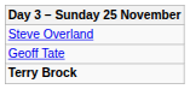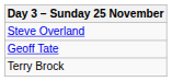 <table class="wikitable">
 <tr>
 <th>Day 3 – Sunday 25 November</th>
 </tr>
 <tr>
 <td><a href='#'>Steve Overland</a></td>
 </tr>
 <tr>
 <td><a href='#'>Geoff Tate</a></td>
 </tr>
 <tr>
-<td><strong>Terry Brock</strong></td>
+<td>Terry Brock</td>
 </tr>
 </table>
